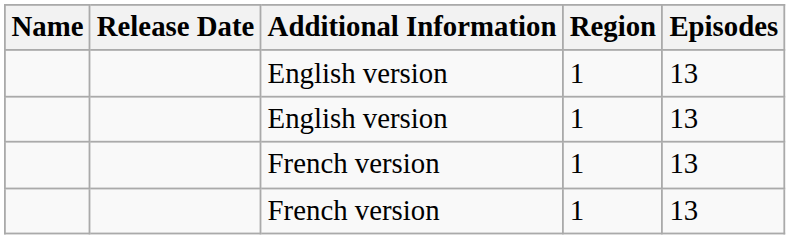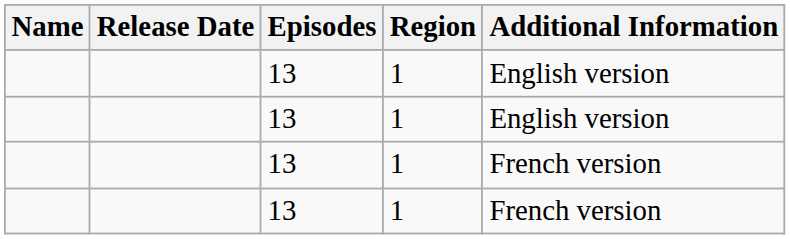 <table class="wikitable">
 <tr>
 <th>Name</th>
 <th>Release Date</th>
+<th>Episodes</th>
+<th>Region</th>
 <th>Additional Information</th>
-<th>Region</th>
-<th>Episodes</th>
 </tr>
 <tr>
 <td></td>
 <td></td>
+<td>13</td>
+<td>1</td>
 <td>English version</td>
-<td>1</td>
-<td>13</td>
 </tr>
 <tr>
 <td></td>
 <td></td>
+<td>13</td>
+<td>1</td>
 <td>English version</td>
-<td>1</td>
-<td>13</td>
 </tr>
 <tr>
 <td></td>
 <td></td>
+<td>13</td>
+<td>1</td>
 <td>French version</td>
-<td>1</td>
-<td>13</td>
 </tr>
 <tr>
 <td></td>
 <td></td>
+<td>13</td>
+<td>1</td>
 <td>French version</td>
-<td>1</td>
-<td>13</td>
 </tr>
 </table>
